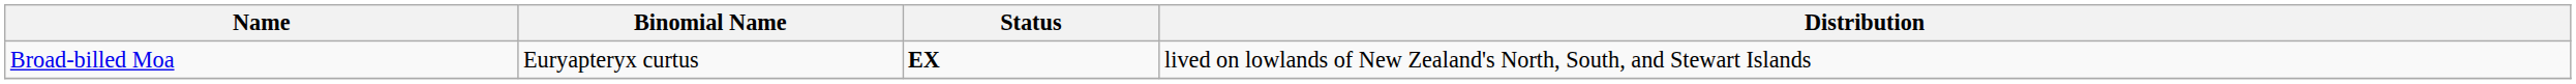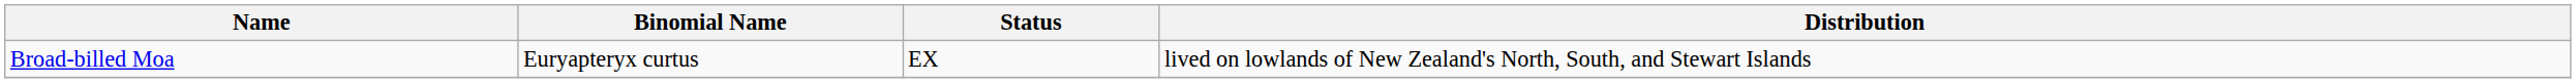 <table class="wikitable" style="width:90%">
 <tr>
 <th style="width:20%">Name</th>
 <th style="width:15%">Binomial Name</th>
 <th style="width:10%">Status</th>
 <th>Distribution</th>
 </tr>
 <tr>
 <td><a href='#'>Broad-billed Moa</a></td>
 <td>Euryapteryx curtus</td>
-<td><strong>EX</strong></td>
+<td>EX</td>
 <td>lived on lowlands of New Zealand's North, South, and Stewart Islands</td>
 </tr>
 <tr>
 </tr>
 </table>
